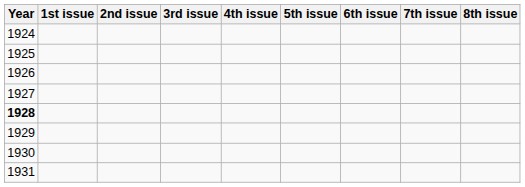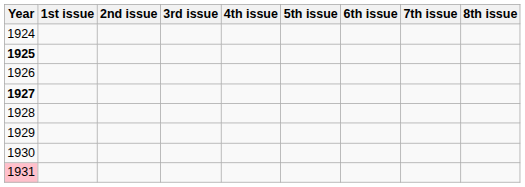 <table class="wikitable">
 <tr>
 <th>Year</th>
 <th>1st issue</th>
 <th>2nd issue</th>
 <th>3rd issue</th>
 <th>4th issue</th>
 <th>5th issue</th>
 <th>6th issue</th>
 <th>7th issue</th>
 <th>8th issue</th>
 </tr>
 <tr>
 <td>1924</td>
 <td></td>
 <td></td>
 <td></td>
 <td></td>
 <td></td>
 <td></td>
 <td></td>
 <td></td>
 </tr>
 <tr>
-<td>1925</td>
+<td><strong>1925</strong></td>
 <td></td>
 <td></td>
 <td></td>
 <td></td>
 <td></td>
 <td></td>
 <td></td>
 <td></td>
 </tr>
 <tr>
 <td>1926</td>
 <td></td>
 <td></td>
 <td></td>
 <td></td>
 <td></td>
 <td></td>
 <td></td>
 <td></td>
 </tr>
 <tr>
-<td>1927</td>
+<td><strong>1927</strong></td>
 <td></td>
 <td></td>
 <td></td>
 <td></td>
 <td></td>
 <td></td>
 <td></td>
 <td></td>
 </tr>
 <tr>
-<td><strong>1928</strong></td>
+<td>1928</td>
 <td></td>
 <td></td>
 <td></td>
 <td></td>
 <td></td>
 <td></td>
 <td></td>
 <td></td>
 </tr>
 <tr>
 <td>1929</td>
 <td></td>
 <td></td>
 <td></td>
 <td></td>
 <td></td>
 <td></td>
 <td></td>
 <td></td>
 </tr>
 <tr>
 <td>1930</td>
 <td></td>
 <td></td>
 <td></td>
 <td></td>
 <td></td>
 <td></td>
 <td></td>
 </tr>
 <tr>
-<td>1931</td>
+<td style="background: pink;">1931</td>
 <td></td>
 <td></td>
 <td></td>
 <td></td>
 <td></td>
 <td></td>
 <td></td>
 <td></td>
 </tr>
 </table>
